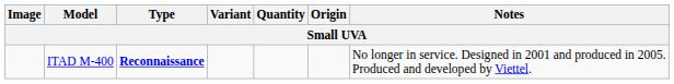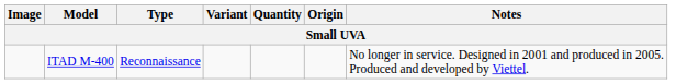 <table class="wikitable">
 <tr>
 <th>Image</th>
 <th>Model</th>
 <th>Type</th>
 <th>Variant</th>
 <th>Quantity</th>
 <th>Origin</th>
 <th>Notes</th>
 </tr>
 <tr>
 <th colspan="7">Small UVA</th>
 </tr>
 <tr>
 <td></td>
 <td><a href='#'>ITAD M-400</a></td>
-<td><strong><a href='#'>Reconnaissance</a></strong></td>
+<td><a href='#'>Reconnaissance</a></td>
 <td></td>
 <td></td>
 <td></td>
 <td>No longer in service. Designed in 2001 and produced in 2005.<br>Produced and developed by <a href='#'>Viettel</a>.</td>
 </tr>
 </table>
